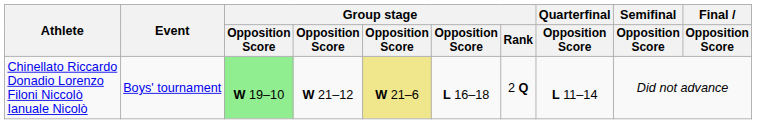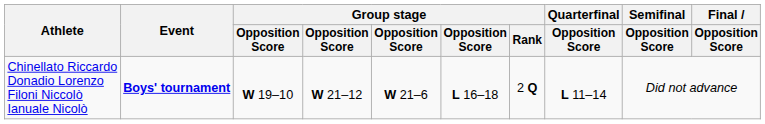 <table class="wikitable" style="font-size:90%">
 <tr>
 <th rowspan=2>Athlete</th>
 <th rowspan=2>Event</th>
 <th colspan=5>Group stage</th>
 <th>Quarterfinal</th>
 <th>Semifinal</th>
 <th>Final / </th>
 </tr>
 <tr style="font-size:95%">
 <th>Opposition<br>Score</th>
 <th>Opposition<br>Score</th>
 <th>Opposition<br>Score</th>
 <th>Opposition<br>Score</th>
 <th>Rank</th>
 <th>Opposition<br>Score</th>
 <th>Opposition<br>Score</th>
 <th>Opposition<br>Score</th>
 </tr>
 <tr align=center>
 <td align=left><a href='#'>Chinellato Riccardo</a><br><a href='#'>Donadio Lorenzo</a><br><a href='#'>Filoni Niccolò</a><br><a href='#'>Ianuale Nicolò</a></td>
-<td align=left><a href='#'>Boys' tournament</a></td>
-<td style="background: lightgreen;"> <br> <strong>W</strong> 19–10</td>
+<td align=left><strong><a href='#'>Boys' tournament</a></strong></td>
+<td> <br> <strong>W</strong> 19–10</td>
 <td> <br> <strong>W</strong> 21–12</td>
-<td style="background: khaki;"> <br> <strong>W</strong> 21–6</td>
+<td> <br> <strong>W</strong> 21–6</td>
 <td> <br> <strong>L</strong> 16–18</td>
 <td>2 <strong>Q</strong></td>
 <td> <br> <strong>L</strong> 11–14</td>
 <td Colspan=2><em>Did not advance</em></td>
 </tr>
 </table>
